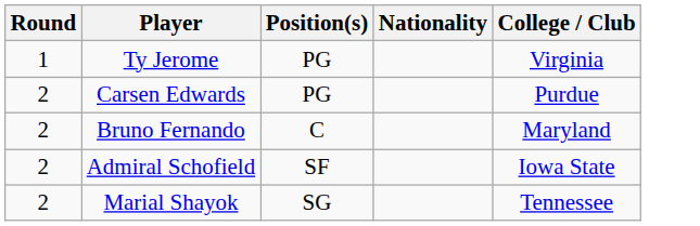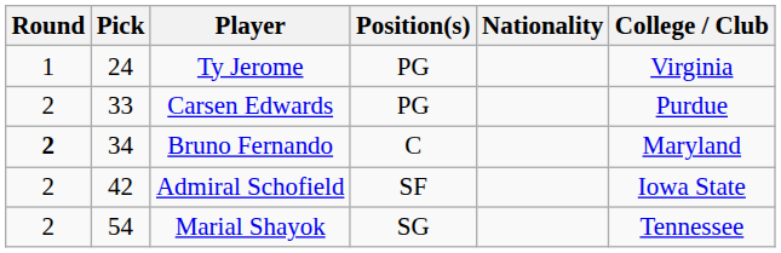 <table class="wikitable sortable sortable">
 <tr>
 <th>Round</th>
+<th>Pick</th>
 <th>Player</th>
 <th>Position(s)</th>
 <th>Nationality</th>
 <th>College / Club</th>
 </tr>
 <tr style="text-align: center">
 <td>1</td>
+<td>24</td>
 <td><a href='#'>Ty Jerome</a></td>
 <td>PG</td>
 <td></td>
 <td><a href='#'>Virginia</a></td>
 </tr>
 <tr style="text-align: center">
 <td>2</td>
+<td>33</td>
 <td><a href='#'>Carsen Edwards</a></td>
 <td>PG</td>
 <td></td>
 <td><a href='#'>Purdue</a></td>
 </tr>
 <tr style="text-align: center">
-<td>2</td>
+<td><strong>2</strong></td>
+<td>34</td>
 <td><a href='#'>Bruno Fernando</a></td>
 <td>C</td>
 <td></td>
 <td><a href='#'>Maryland</a></td>
 </tr>
 <tr style="text-align: center">
 <td>2</td>
+<td>42</td>
 <td><a href='#'>Admiral Schofield</a></td>
 <td>SF</td>
 <td></td>
 <td><a href='#'>Iowa State</a></td>
 </tr>
 <tr style="text-align: center">
 <td>2</td>
+<td>54</td>
 <td><a href='#'>Marial Shayok</a></td>
 <td>SG</td>
 <td></td>
 <td><a href='#'>Tennessee</a></td>
 </tr>
 </table>
